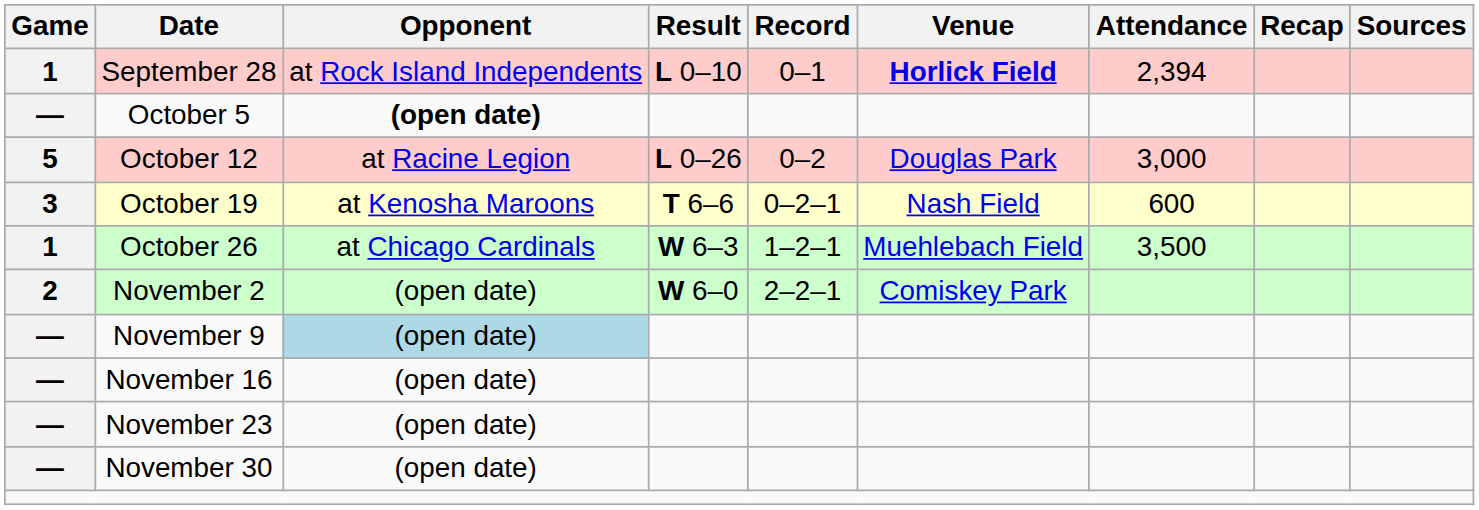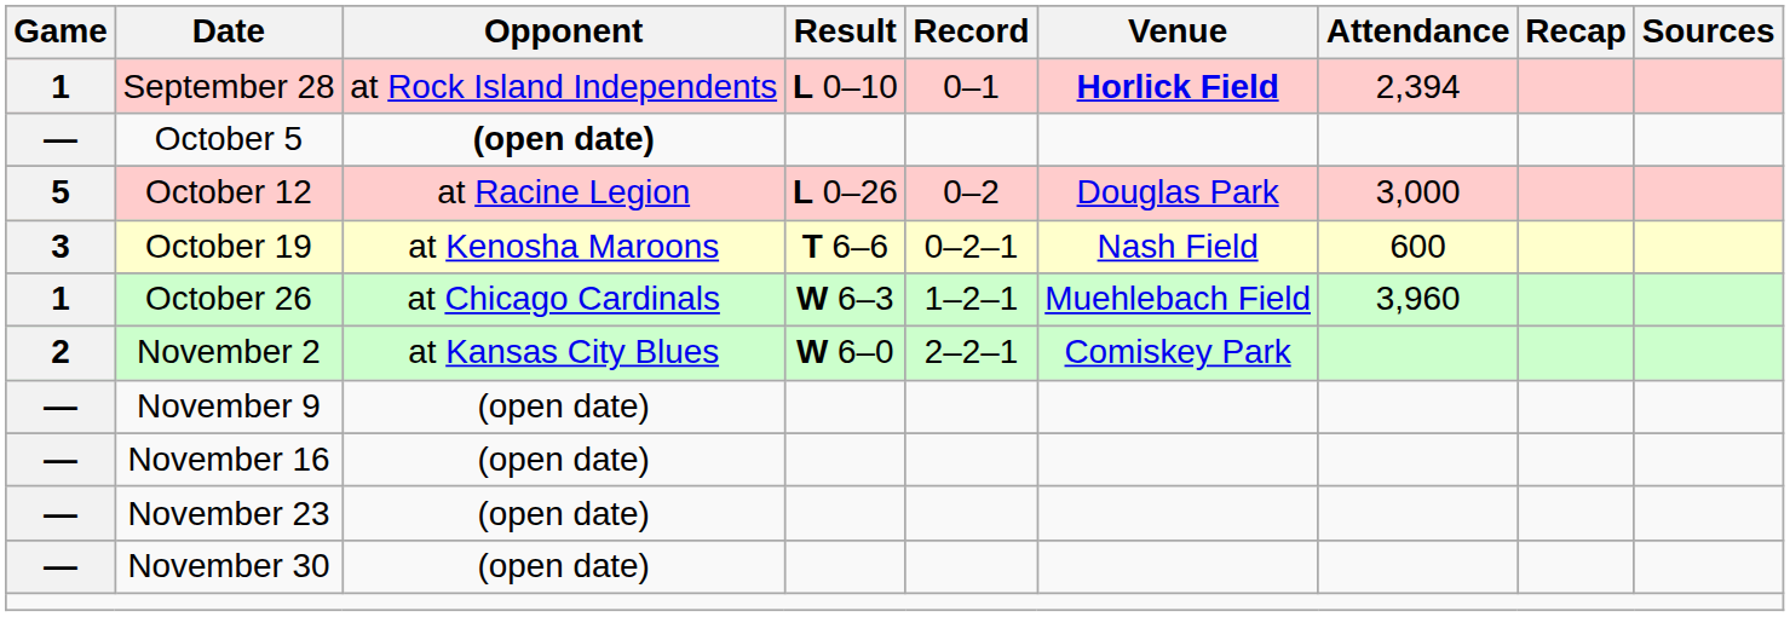 <table class="wikitable" style="text-align:center">
 <tr>
 <th>Game</th>
 <th>Date</th>
 <th>Opponent</th>
 <th>Result</th>
 <th>Record</th>
 <th>Venue</th>
 <th>Attendance</th>
 <th>Recap</th>
 <th>Sources</th>
 </tr>
 <tr style="background:#fcc">
 <th>1</th>
 <td>September 28</td>
 <td>at <a href='#'>Rock Island Independents</a></td>
 <td><strong>L</strong> 0–10</td>
 <td>0–1</td>
 <td><strong><a href='#'>Horlick Field</a></strong></td>
 <td>2,394</td>
 <td></td>
 <td></td>
 </tr>
 <tr>
 <th>—</th>
 <td>October 5</td>
 <td><strong>(open date)</strong></td>
 <td></td>
 <td></td>
 <td></td>
 <td></td>
 <td></td>
 <td></td>
 </tr>
 <tr style="background:#fcc">
 <th>5</th>
 <td>October 12</td>
 <td>at <a href='#'>Racine Legion</a></td>
 <td><strong>L</strong> 0–26</td>
 <td>0–2</td>
 <td><a href='#'>Douglas Park</a></td>
 <td>3,000</td>
 <td></td>
 <td></td>
 </tr>
 <tr style="background:#ffc">
 <th>3</th>
 <td>October 19</td>
 <td>at <a href='#'>Kenosha Maroons</a></td>
 <td><strong>T</strong> 6–6</td>
 <td>0–2–1</td>
 <td><a href='#'>Nash Field</a></td>
 <td>600</td>
 <td></td>
 <td></td>
 </tr>
 <tr style="background:#cfc">
 <th>1</th>
 <td>October 26</td>
 <td>at <a href='#'>Chicago Cardinals</a></td>
 <td><strong>W</strong> 6–3</td>
 <td>1–2–1</td>
 <td><a href='#'>Muehlebach Field</a></td>
-<td>3,500</td>
+<td>3,960</td>
 <td></td>
 <td></td>
 </tr>
 <tr style="background:#cfc">
 <th>2</th>
 <td>November 2</td>
-<td>(open date)</td>
+<td>at <a href='#'>Kansas City Blues</a></td>
 <td><strong>W</strong> 6–0</td>
 <td>2–2–1</td>
 <td><a href='#'>Comiskey Park</a></td>
 <td></td>
 <td></td>
 <td></td>
 </tr>
 <tr>
 <th>—</th>
 <td>November 9</td>
-<td style="background: lightblue;">(open date)</td>
+<td>(open date)</td>
 <td></td>
 <td></td>
 <td></td>
 <td></td>
 <td></td>
 <td></td>
 </tr>
 <tr>
 <th>—</th>
 <td>November 16</td>
 <td>(open date)</td>
 <td></td>
 <td></td>
 <td></td>
 <td></td>
 <td></td>
 <td></td>
 </tr>
 <tr>
 <th>—</th>
 <td>November 23</td>
 <td>(open date)</td>
 <td></td>
 <td></td>
 <td></td>
 <td></td>
 <td></td>
 <td></td>
 </tr>
 <tr>
 <th>—</th>
 <td>November 30</td>
 <td>(open date)</td>
 <td></td>
 <td></td>
 <td></td>
 <td></td>
 <td></td>
 <td></td>
 </tr>
 <tr>
 <td colspan="10"></td>
 </tr>
 </table>
